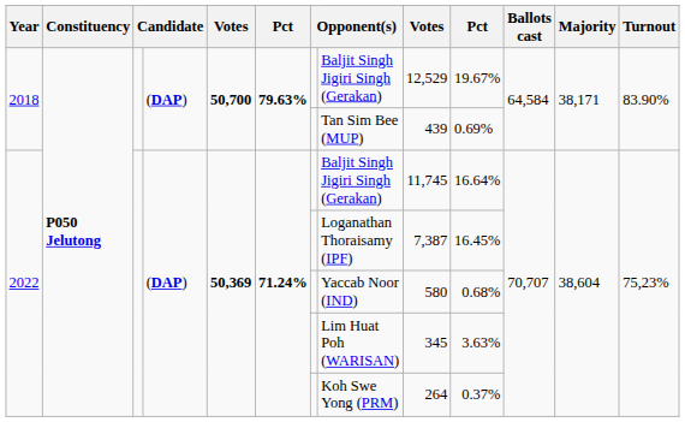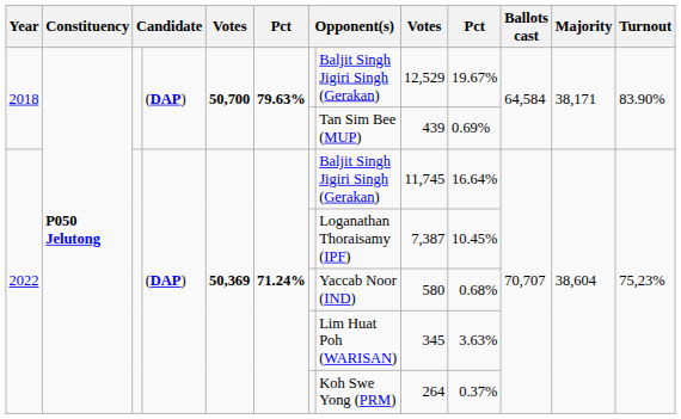 <table class="wikitable" style="margin:0.5em ; font-size:95%">
 <tr>
 <th>Year</th>
 <th>Constituency</th>
 <th colspan=2>Candidate</th>
 <th>Votes</th>
 <th>Pct</th>
 <th colspan=2>Opponent(s)</th>
 <th>Votes</th>
 <th>Pct</th>
 <th>Ballots cast</th>
 <th>Majority</th>
 <th>Turnout</th>
 </tr>
 <tr>
 <td rowspan=2><a href='#'>2018</a></td>
 <td rowspan=7><strong>P050 <a href='#'>Jelutong</a></strong></td>
 <td rowspan=2 ></td>
 <td rowspan=2> (<a href='#'><strong>DAP</strong></a>)</td>
 <td rowspan=2 align="right"><strong>50,700</strong></td>
 <td rowspan=2><strong>79.63%</strong></td>
 <td></td>
 <td><a href='#'>Baljit Singh Jigiri Singh</a> (<a href='#'>Gerakan</a>)</td>
 <td align="right">12,529</td>
 <td>19.67%</td>
 <td rowspan=2>64,584</td>
 <td rowspan=2>38,171</td>
 <td rowspan=2>83.90%</td>
 </tr>
 <tr>
 <td style="background-color: "></td>
 <td>Tan Sim Bee (<a href='#'>MUP</a>)</td>
 <td align="right">439</td>
 <td>0.69%</td>
 </tr>
 <tr>
 <td rowspan="5"><a href='#'>2022</a></td>
 <td rowspan="5" ></td>
 <td rowspan="5"> (<a href='#'><strong>DAP</strong></a>)</td>
 <td rowspan="5" align="right"><strong>50,369</strong></td>
 <td rowspan="5"><strong>71.24%</strong></td>
 <td bgcolor=></td>
 <td><a href='#'>Baljit Singh Jigiri Singh</a> (<a href='#'>Gerakan</a>)</td>
 <td align="right">11,745</td>
 <td>16.64%</td>
 <td rowspan="5">70,707</td>
 <td rowspan="5">38,604</td>
 <td rowspan="5">75,23%</td>
 </tr>
 <tr>
 <td></td>
 <td>Loganathan Thoraisamy (<a href='#'>IPF</a>)</td>
 <td align="right">7,387</td>
-<td>16.45%</td>
+<td>10.45%</td>
 </tr>
 <tr>
 <td></td>
 <td>Yaccab Noor (<a href='#'>IND</a>)</td>
 <td align="right">580</td>
 <td align="right">0.68%</td>
 </tr>
 <tr>
 <td></td>
 <td>Lim Huat Poh (<a href='#'>WARISAN</a>)</td>
 <td align="right">345</td>
 <td align="right">3.63%</td>
 </tr>
 <tr>
 <td bgcolor=></td>
 <td>Koh Swe Yong (<a href='#'>PRM</a>)</td>
 <td align="right">264</td>
 <td align="right">0.37%</td>
 </tr>
 </table>
